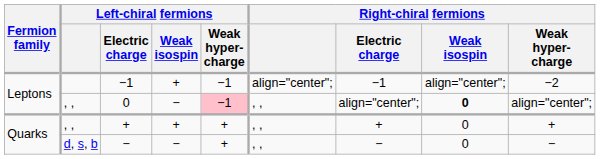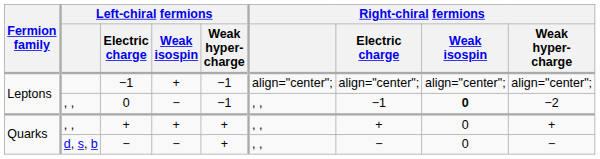 <table class = "wikitable" style = "text-align center;">
 <tr>
 <th rowspan=2 style="border-right:medium #aaa solid;"><a href='#'>Fermion <br> family</a></th>
 <th colspan=4 style="border-right:medium #aaa solid;"><a href='#'>Left-chiral</a> <a href='#'>fermions</a></th>
 <th colspan=4><a href='#'>Right-chiral</a> <a href='#'>fermions</a></th>
 </tr>
 <tr>
 <th></th>
 <th>Electric <br> <a href='#'>charge</a> <br> </th>
 <th><a href='#'>Weak <br> isospin</a> <br> </th>
 <th style="border-right:medium #aaa solid;">Weak <br> hyper-<br>charge <br> </th>
 <th></th>
 <th>Electric <br> <a href='#'>charge</a> <br> </th>
 <th><a href='#'>Weak <br> isospin</a> <br> </th>
 <th>Weak <br> hyper-<br>charge <br> </th>
 </tr>
 <tr style="border-top:medium #aaa solid;">
 <td rowspan = "2"; style="border-right:medium #aaa solid;">Leptons</td>
 <td></td>
 <td align="center";>−1</td>
 <td align="center";>+</td>
 <td align="center"; style="border-right:medium #aaa solid">−1</td>
 <td>align="center"; </td>
-<td align="center";>−1</td>
 <td>align="center"; </td>
-<td align="center";>−2</td>
+<td>align="center"; </td>
+<td>align="center"; </td>
 </tr>
 <tr style="border-bottom:medium #aaa solid;">
 <td>, , </td>
 <td align="center";>0</td>
 <td align="center";>−</td>
-<td align="center"; style="background: pink; border-right:medium #aaa solid">−1</td>
+<td align="center"; style="border-right:medium #aaa solid">−1</td>
 <td>, , </td>
-<td>align="center"; </td>
+<td align="center";>−1</td>
 <td align="center";><strong>0</strong></td>
-<td>align="center"; </td>
+<td align="center";>−2</td>
 </tr>
 <tr>
 <td rowspan = "2"; style="border-right:medium #aaa solid;">Quarks</td>
 <td>, , </td>
 <td align="center";>+</td>
 <td align="center";>+</td>
 <td align="center"; style="border-right:medium #aaa solid;">+</td>
 <td>, , </td>
 <td align="center";>+</td>
 <td align="center";>0</td>
 <td align="center";>+</td>
 </tr>
 <tr>
 <td><a href='#'>d</a>, <a href='#'>s</a>, <a href='#'>b</a></td>
 <td align="center";>−</td>
 <td align="center";>−</td>
 <td align="center"; style="border-right:medium #aaa solid;">+</td>
 <td>, , </td>
 <td align="center";>−</td>
 <td align="center";>0</td>
 <td align="center";>−</td>
 </tr>
 </table>
